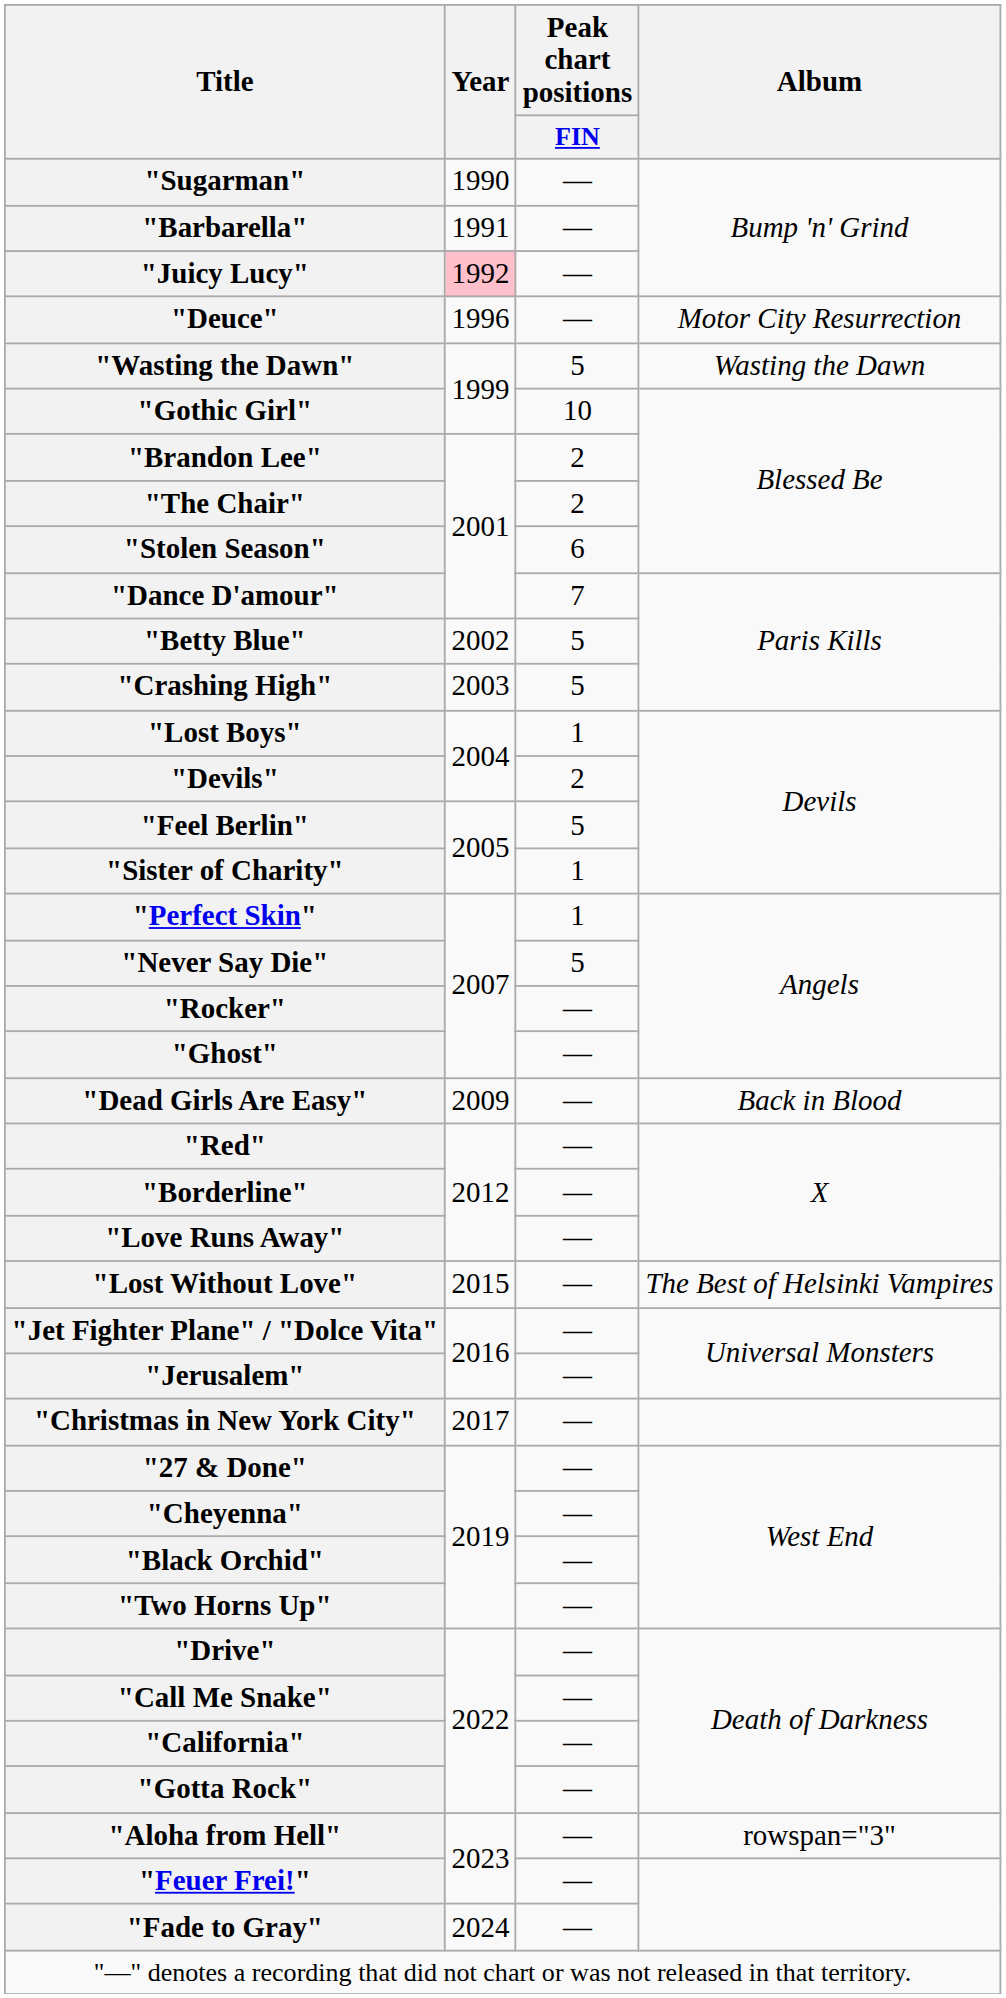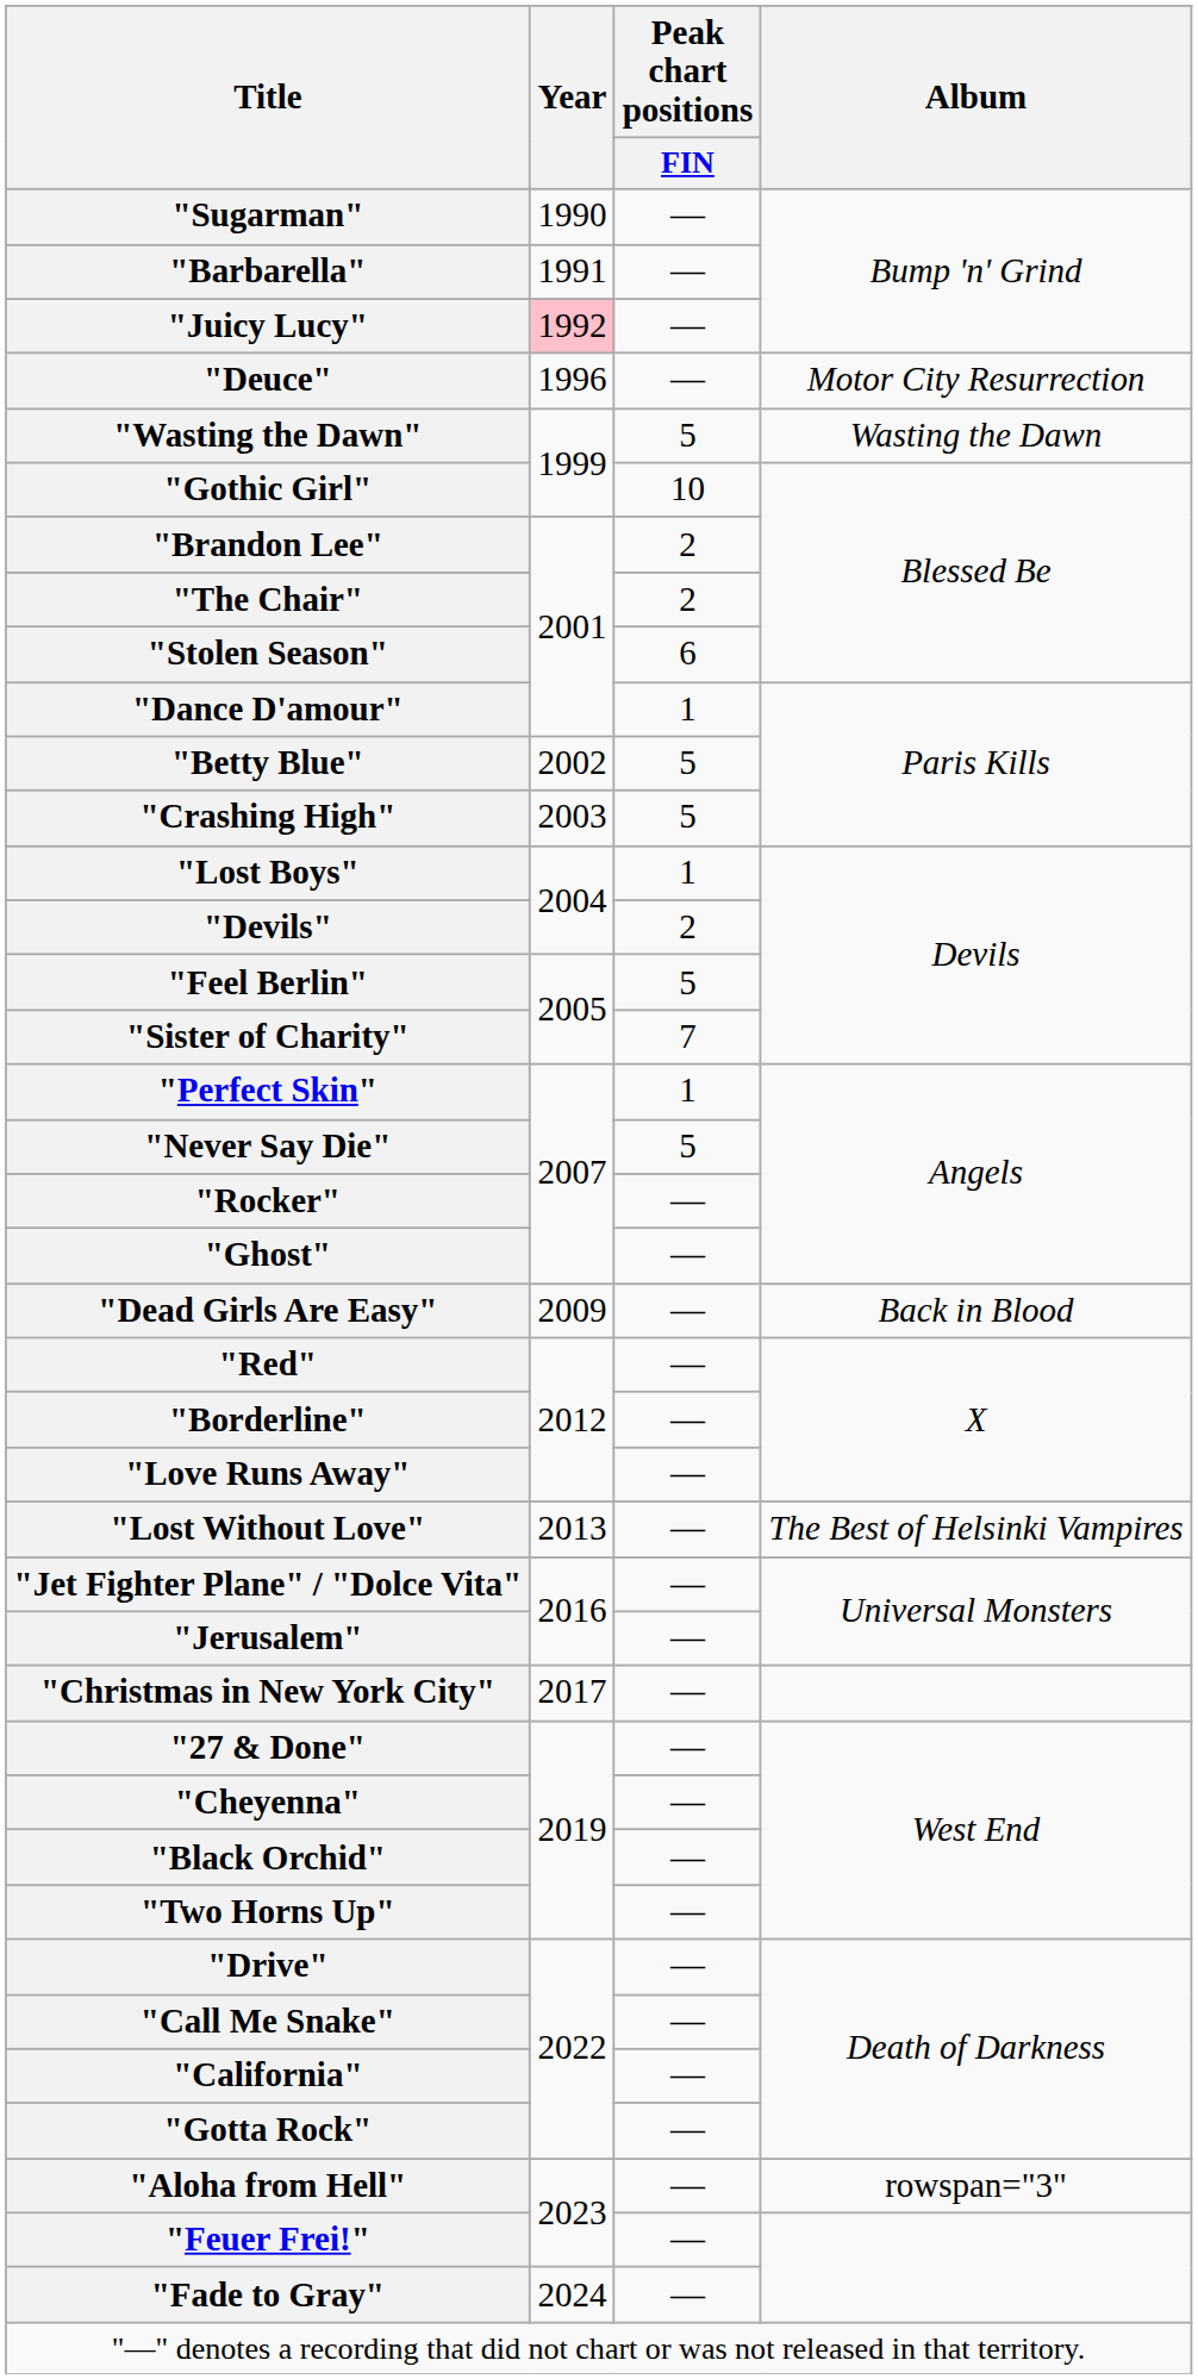 <table class="wikitable plainrowheaders" style="text-align:center;">
 <tr>
 <th scope="col" rowspan="2">Title</th>
 <th scope="col" rowspan="2">Year</th>
 <th scope="col" colspan="1">Peak chart positions</th>
 <th scope="col" rowspan="2">Album</th>
 </tr>
 <tr>
 <th scope="col" style="width:2.5em;font-size:90%;"><a href='#'>FIN</a><br></th>
 </tr>
 <tr>
 <th scope="row">"Sugarman"</th>
 <td>1990</td>
 <td>—</td>
 <td rowspan="3"><em>Bump 'n' Grind</em></td>
 </tr>
 <tr>
 <th scope="row">"Barbarella"</th>
 <td>1991</td>
 <td>—</td>
 </tr>
 <tr>
 <th scope="row">"Juicy Lucy"</th>
 <td style="background: pink;">1992</td>
 <td>—</td>
 </tr>
 <tr>
 <th scope="row">"Deuce"</th>
 <td>1996</td>
 <td>—</td>
 <td><em>Motor City Resurrection</em></td>
 </tr>
 <tr>
 <th scope="row">"Wasting the Dawn"</th>
 <td rowspan="2">1999</td>
 <td>5</td>
 <td><em>Wasting the Dawn</em></td>
 </tr>
 <tr>
 <th scope="row">"Gothic Girl"</th>
 <td>10</td>
 <td rowspan="4"><em>Blessed Be</em></td>
 </tr>
 <tr>
 <th scope="row">"Brandon Lee"</th>
 <td rowspan="4">2001</td>
 <td>2</td>
 </tr>
 <tr>
 <th scope="row">"The Chair"</th>
 <td>2</td>
 </tr>
 <tr>
 <th scope="row">"Stolen Season"</th>
 <td>6</td>
 </tr>
 <tr>
 <th scope="row">"Dance D'amour"</th>
-<td>7</td>
+<td>1</td>
 <td rowspan="3"><em>Paris Kills</em></td>
 </tr>
 <tr>
 <th scope="row">"Betty Blue"</th>
 <td>2002</td>
 <td>5</td>
 </tr>
 <tr>
 <th scope="row">"Crashing High"</th>
 <td>2003</td>
 <td>5</td>
 </tr>
 <tr>
 <th scope="row">"Lost Boys"</th>
 <td rowspan="2">2004</td>
 <td>1</td>
 <td rowspan="4"><em>Devils</em></td>
 </tr>
 <tr>
 <th scope="row">"Devils"</th>
 <td>2</td>
 </tr>
 <tr>
 <th scope="row">"Feel Berlin"</th>
 <td rowspan="2">2005</td>
 <td>5</td>
 </tr>
 <tr>
 <th scope="row">"Sister of Charity"</th>
-<td>1</td>
+<td>7</td>
 </tr>
 <tr>
 <th scope="row">"<a href='#'>Perfect Skin</a>"</th>
 <td rowspan="4">2007</td>
 <td>1</td>
 <td rowspan="4"><em>Angels</em></td>
 </tr>
 <tr>
 <th scope="row">"Never Say Die"</th>
 <td>5</td>
 </tr>
 <tr>
 <th scope="row">"Rocker"</th>
 <td>—</td>
 </tr>
 <tr>
 <th scope="row">"Ghost"</th>
 <td>—</td>
 </tr>
 <tr>
 <th scope="row">"Dead Girls Are Easy"</th>
 <td>2009</td>
 <td>—</td>
 <td><em>Back in Blood</em></td>
 </tr>
 <tr>
 <th scope="row">"Red"</th>
 <td rowspan="3">2012</td>
 <td>—</td>
 <td rowspan="3"><em>X</em></td>
 </tr>
 <tr>
 <th scope="row">"Borderline"</th>
 <td>—</td>
 </tr>
 <tr>
 <th scope="row">"Love Runs Away"</th>
 <td>—</td>
 </tr>
 <tr>
 <th scope="row">"Lost Without Love"</th>
-<td>2015</td>
+<td>2013</td>
 <td>—</td>
 <td><em>The Best of Helsinki Vampires</em></td>
 </tr>
 <tr>
 <th scope="row">"Jet Fighter Plane" / "Dolce Vita"</th>
 <td rowspan="2">2016</td>
 <td>—</td>
 <td rowspan="2"><em>Universal Monsters</em></td>
 </tr>
 <tr>
 <th scope="row">"Jerusalem"</th>
 <td>—</td>
 </tr>
 <tr>
 <th scope="row">"Christmas in New York City"</th>
 <td>2017</td>
 <td>—</td>
 <td></td>
 </tr>
 <tr>
 <th scope="row">"27 & Done"</th>
 <td rowspan="4">2019</td>
 <td>—</td>
 <td rowspan="4"><em>West End</em></td>
 </tr>
 <tr>
 <th scope="row">"Cheyenna"</th>
 <td>—</td>
 </tr>
 <tr>
 <th scope="row">"Black Orchid"</th>
 <td>—</td>
 </tr>
 <tr>
 <th scope="row">"Two Horns Up"</th>
 <td>—</td>
 </tr>
 <tr>
 <th scope="row">"Drive"</th>
 <td rowspan="4">2022</td>
 <td>—</td>
 <td rowspan="4"><em>Death of Darkness</em></td>
 </tr>
 <tr>
 <th scope="row">"Call Me Snake"</th>
 <td>—</td>
 </tr>
 <tr>
 <th scope="row">"California"</th>
 <td>—</td>
 </tr>
 <tr>
 <th scope="row">"Gotta Rock"</th>
 <td>—</td>
 </tr>
 <tr>
 <th scope="row">"Aloha from Hell"</th>
 <td rowspan="2">2023</td>
 <td>—</td>
 <td>rowspan="3" </td>
 </tr>
 <tr>
 <th scope="row">"<a href='#'>Feuer Frei!</a>"</th>
 <td>—</td>
 </tr>
 <tr>
 <th scope="row">"Fade to Gray"</th>
 <td>2024</td>
 <td>—</td>
 </tr>
 <tr>
 <td colspan="14" style="font-size:90%">"—" denotes a recording that did not chart or was not released in that territory.</td>
 </tr>
 </table>
